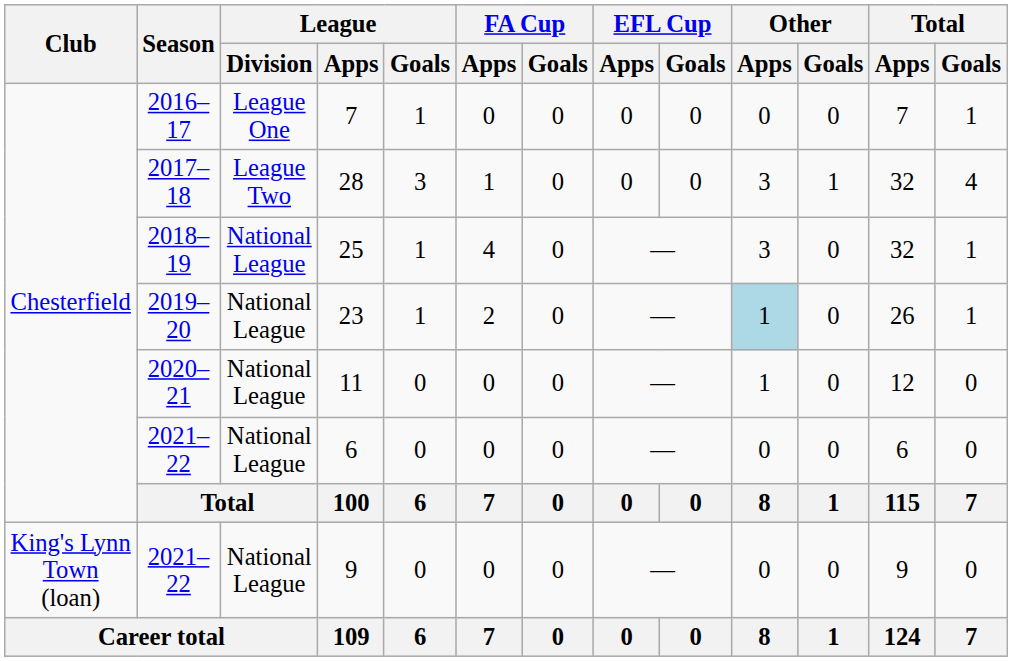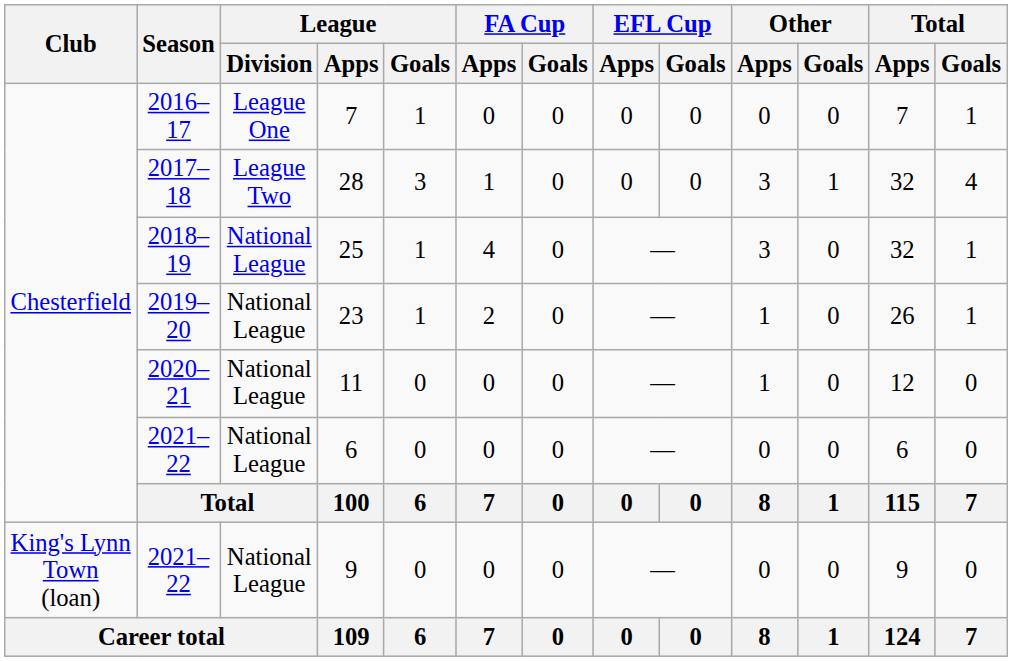 <table class=wikitable style="text-align: center">
 <tr>
 <th rowspan=2>Club</th>
 <th rowspan=2>Season</th>
 <th colspan=3>League</th>
 <th colspan=2><a href='#'>FA Cup</a></th>
 <th colspan=2><a href='#'>EFL Cup</a></th>
 <th colspan=2>Other</th>
 <th colspan=2>Total</th>
 </tr>
 <tr>
 <th>Division</th>
 <th>Apps</th>
 <th>Goals</th>
 <th>Apps</th>
 <th>Goals</th>
 <th>Apps</th>
 <th>Goals</th>
 <th>Apps</th>
 <th>Goals</th>
 <th>Apps</th>
 <th>Goals</th>
 </tr>
 <tr>
 <td rowspan=7><a href='#'>Chesterfield</a></td>
 <td><a href='#'>2016–17</a></td>
 <td><a href='#'>League One</a></td>
 <td>7</td>
 <td>1</td>
 <td>0</td>
 <td>0</td>
 <td>0</td>
 <td>0</td>
 <td>0</td>
 <td>0</td>
 <td>7</td>
 <td>1</td>
 </tr>
 <tr>
 <td><a href='#'>2017–18</a></td>
 <td><a href='#'>League Two</a></td>
 <td>28</td>
 <td>3</td>
 <td>1</td>
 <td>0</td>
 <td>0</td>
 <td>0</td>
 <td>3</td>
 <td>1</td>
 <td>32</td>
 <td>4</td>
 </tr>
 <tr>
 <td><a href='#'>2018–19</a></td>
 <td><a href='#'>National League</a></td>
 <td>25</td>
 <td>1</td>
 <td>4</td>
 <td>0</td>
 <td colspan=2>—</td>
 <td>3</td>
 <td>0</td>
 <td>32</td>
 <td>1</td>
 </tr>
 <tr>
 <td><a href='#'>2019–20</a></td>
 <td>National League</td>
 <td>23</td>
 <td>1</td>
 <td>2</td>
 <td>0</td>
 <td colspan=2>—</td>
-<td style="background: lightblue;">1</td>
+<td>1</td>
 <td>0</td>
 <td>26</td>
 <td>1</td>
 </tr>
 <tr>
 <td><a href='#'>2020–21</a></td>
 <td>National League</td>
 <td>11</td>
 <td>0</td>
 <td>0</td>
 <td>0</td>
 <td colspan=2>—</td>
 <td>1</td>
 <td>0</td>
 <td>12</td>
 <td>0</td>
 </tr>
 <tr>
 <td><a href='#'>2021–22</a></td>
 <td>National League</td>
 <td>6</td>
 <td>0</td>
 <td>0</td>
 <td>0</td>
 <td colspan=2>—</td>
 <td>0</td>
 <td>0</td>
 <td>6</td>
 <td>0</td>
 </tr>
 <tr>
 <th colspan=2>Total</th>
 <th>100</th>
 <th>6</th>
 <th>7</th>
 <th>0</th>
 <th>0</th>
 <th>0</th>
 <th>8</th>
 <th>1</th>
 <th>115</th>
 <th>7</th>
 </tr>
 <tr>
 <td><a href='#'>King's Lynn Town</a> (loan)</td>
 <td><a href='#'>2021–22</a></td>
 <td>National League</td>
 <td>9</td>
 <td>0</td>
 <td>0</td>
 <td>0</td>
 <td colspan=2>—</td>
 <td>0</td>
 <td>0</td>
 <td>9</td>
 <td>0</td>
 </tr>
 <tr>
 <th colspan=3>Career total</th>
 <th>109</th>
 <th>6</th>
 <th>7</th>
 <th>0</th>
 <th>0</th>
 <th>0</th>
 <th>8</th>
 <th>1</th>
 <th>124</th>
 <th>7</th>
 </tr>
 </table>
